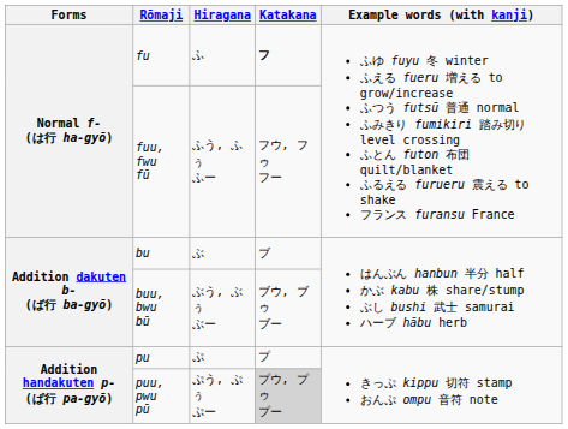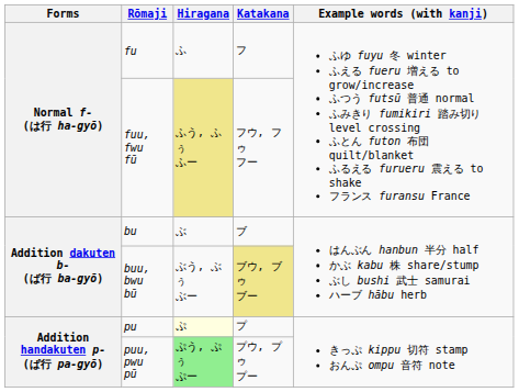 <table class="wikitable">
 <tr>
 <th>Forms</th>
 <th><a href='#'>Rōmaji</a></th>
 <th><a href='#'>Hiragana</a></th>
 <th><a href='#'>Katakana</a></th>
 <th>Example words (with <a href='#'>kanji</a>)</th>
 </tr>
 <tr>
 <th rowspan="2">Normal <em>f-</em><br>(は行 <em>ha-gyō</em>)</th>
 <td><em>fu</em></td>
 <td>ふ</td>
-<td><strong>フ</strong></td>
+<td>フ</td>
 <td rowspan="2"><br><ul><li>ふゆ <em>fuyu</em> 冬 winter</li><li>ふえる <em>fueru</em> 増える to grow/increase</li><li>ふつう <em>futsū</em> 普通 normal</li><li>ふみきり <em>fumikiri</em> 踏み切り level crossing</li><li>ふとん <em>futon</em> 布団 quilt/blanket</li><li>ふるえる <em>furueru</em> 震える to shake</li><li>フランス <em>furansu</em> France</li></ul></td>
 </tr>
 <tr>
 <td><em>fuu, fwu</em><br><em>fū</em></td>
-<td>ふう, ふぅ<br>ふー</td>
+<td style="background: khaki;">ふう, ふぅ<br>ふー</td>
 <td>フウ, フゥ<br>フー</td>
 </tr>
 <tr>
 <th rowspan="2">Addition <a href='#'>dakuten</a> <em>b-</em><br>(ば行 <em>ba-gyō</em>)</th>
 <td><em>bu</em></td>
 <td>ぶ</td>
 <td>ブ</td>
 <td rowspan="2"><br><ul><li>はんぶん <em>hanbun</em> 半分 half</li><li>かぶ <em>kabu</em> 株 share/stump</li><li>ぶし <em>bushi</em> 武士 samurai</li><li>ハーブ <em>hābu</em> herb</li></ul></td>
 </tr>
 <tr>
 <td><em>buu, bwu</em><br><em>bū</em></td>
 <td>ぶう, ぶぅ<br>ぶー</td>
-<td>ブウ, ブゥ<br>ブー</td>
+<td style="background: khaki;">ブウ, ブゥ<br>ブー</td>
 </tr>
 <tr>
 <th rowspan="2">Addition <a href='#'>handakuten</a> <em>p-</em><br>(ぱ行 <em>pa-gyō</em>)</th>
 <td><em>pu</em></td>
-<td>ぷ</td>
+<td style="background: lightyellow;">ぷ</td>
 <td>プ</td>
 <td rowspan="2"><br><ul><li>きっぷ <em>kippu</em> 切符 stamp</li><li>おんぷ <em>ompu</em> 音符 note</li></ul></td>
 </tr>
 <tr>
 <td><em>puu, pwu</em><br><em>pū</em></td>
-<td>ぷう, ぷぅ<br>ぷー</td>
-<td style="background: lightgrey;">プウ, プゥ<br>プー</td>
+<td style="background: lightgreen;">ぷう, ぷぅ<br>ぷー</td>
+<td>プウ, プゥ<br>プー</td>
 </tr>
 </table>
